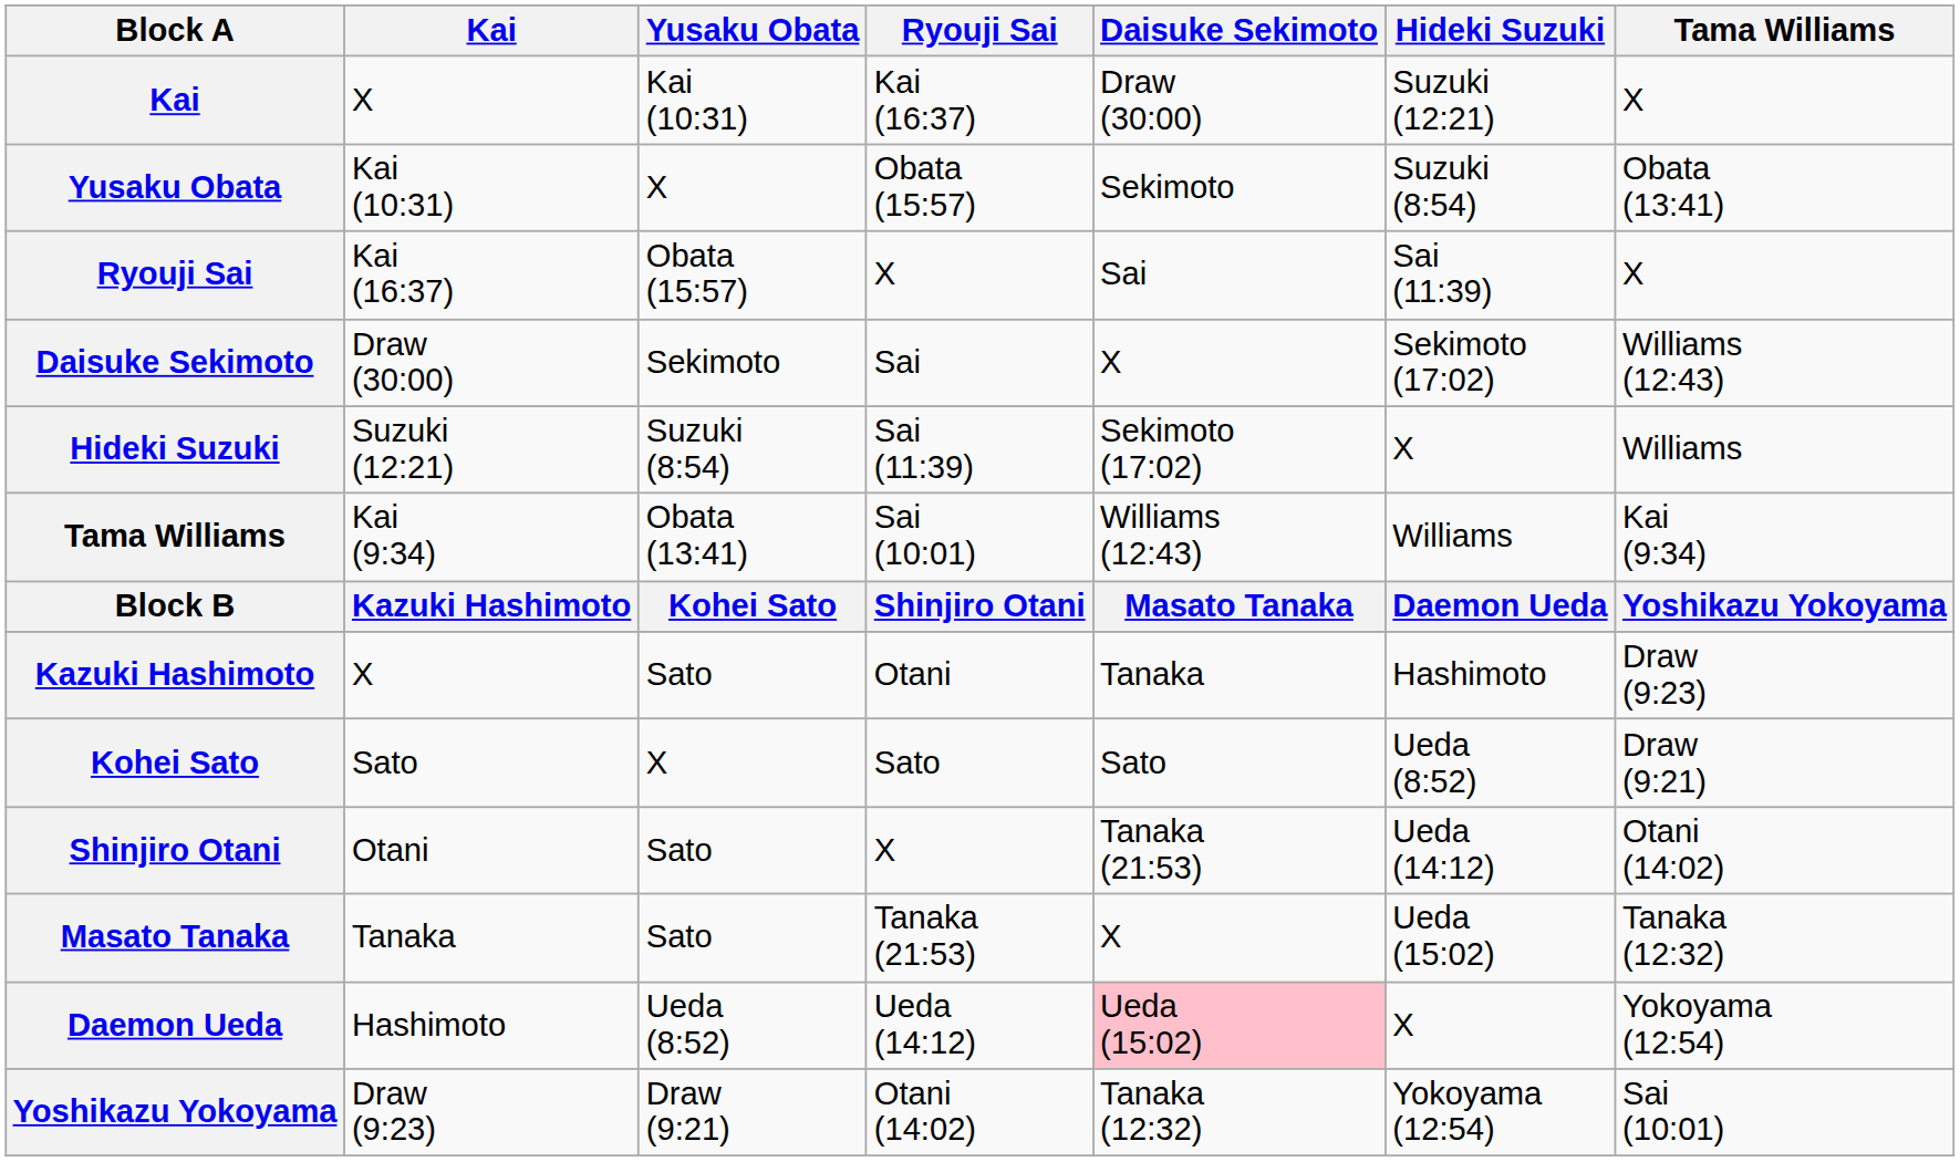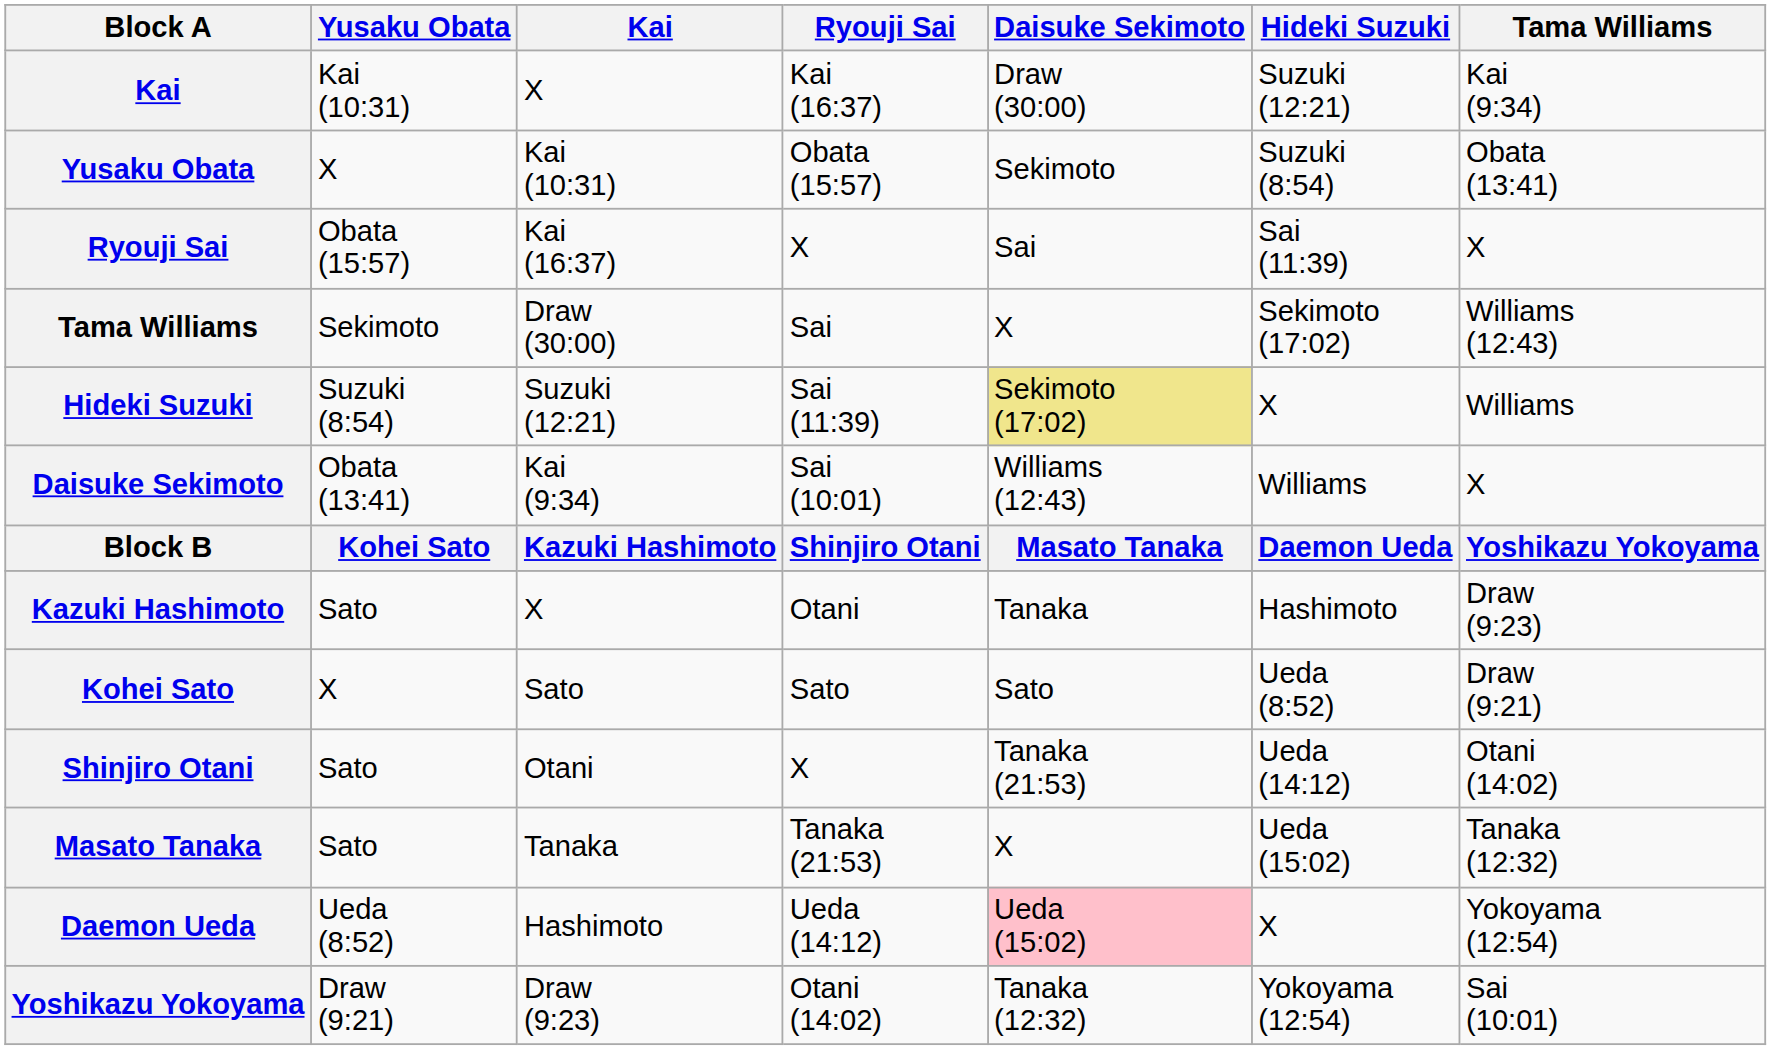 <table class="wikitable" style="margin: 1em auto 1em auto">
 <tr>
 <th>Block A</th>
+<th><a href='#'>Yusaku Obata</a></th>
 <th><a href='#'>Kai</a></th>
-<th><a href='#'>Yusaku Obata</a></th>
 <th><a href='#'>Ryouji Sai</a></th>
 <th><a href='#'>Daisuke Sekimoto</a></th>
 <th><a href='#'>Hideki Suzuki</a></th>
 <th>Tama Williams</th>
 </tr>
 <tr>
 <th><a href='#'>Kai</a></th>
+<td>Kai<br>(10:31)</td>
 <td>X</td>
-<td>Kai<br>(10:31)</td>
 <td>Kai<br>(16:37)</td>
 <td>Draw<br>(30:00)</td>
 <td>Suzuki<br>(12:21)</td>
-<td>X</td>
+<td>Kai<br>(9:34)</td>
 </tr>
 <tr>
 <th><a href='#'>Yusaku Obata</a></th>
+<td>X</td>
 <td>Kai<br>(10:31)</td>
-<td>X</td>
 <td>Obata<br>(15:57)</td>
 <td>Sekimoto</td>
 <td>Suzuki<br>(8:54)</td>
 <td>Obata<br>(13:41)</td>
 </tr>
 <tr>
 <th><a href='#'>Ryouji Sai</a></th>
+<td>Obata<br>(15:57)</td>
 <td>Kai<br>(16:37)</td>
-<td>Obata<br>(15:57)</td>
 <td>X</td>
 <td>Sai</td>
 <td>Sai<br>(11:39)</td>
 <td>X</td>
 </tr>
 <tr>
-<th><a href='#'>Daisuke Sekimoto</a></th>
+<th>Tama Williams</th>
+<td>Sekimoto</td>
 <td>Draw<br>(30:00)</td>
-<td>Sekimoto</td>
 <td>Sai</td>
 <td>X</td>
 <td>Sekimoto<br>(17:02)</td>
 <td>Williams<br>(12:43)</td>
 </tr>
 <tr>
 <th><a href='#'>Hideki Suzuki</a></th>
+<td>Suzuki<br>(8:54)</td>
 <td>Suzuki<br>(12:21)</td>
-<td>Suzuki<br>(8:54)</td>
 <td>Sai<br>(11:39)</td>
-<td>Sekimoto<br>(17:02)</td>
+<td style="background: khaki;">Sekimoto<br>(17:02)</td>
 <td>X</td>
 <td>Williams</td>
 </tr>
 <tr>
-<th>Tama Williams</th>
+<th><a href='#'>Daisuke Sekimoto</a></th>
+<td>Obata<br>(13:41)</td>
 <td>Kai<br>(9:34)</td>
-<td>Obata<br>(13:41)</td>
 <td>Sai<br>(10:01)</td>
 <td>Williams<br>(12:43)</td>
 <td>Williams</td>
-<td>Kai<br>(9:34)</td>
+<td>X</td>
 </tr>
 <tr>
 <th>Block B</th>
+<th><a href='#'>Kohei Sato</a></th>
 <th><a href='#'>Kazuki Hashimoto</a></th>
-<th><a href='#'>Kohei Sato</a></th>
 <th><a href='#'>Shinjiro Otani</a></th>
 <th><a href='#'>Masato Tanaka</a></th>
 <th><a href='#'>Daemon Ueda</a></th>
 <th><a href='#'>Yoshikazu Yokoyama</a></th>
 </tr>
 <tr>
 <th><a href='#'>Kazuki Hashimoto</a></th>
+<td>Sato</td>
 <td>X</td>
-<td>Sato</td>
 <td>Otani</td>
 <td>Tanaka</td>
 <td>Hashimoto</td>
 <td>Draw<br>(9:23)</td>
 </tr>
 <tr>
 <th><a href='#'>Kohei Sato</a></th>
+<td>X</td>
 <td>Sato</td>
-<td>X</td>
 <td>Sato</td>
 <td>Sato</td>
 <td>Ueda<br>(8:52)</td>
 <td>Draw<br>(9:21)</td>
 </tr>
 <tr>
 <th><a href='#'>Shinjiro Otani</a></th>
+<td>Sato</td>
 <td>Otani</td>
-<td>Sato</td>
 <td>X</td>
 <td>Tanaka<br>(21:53)</td>
 <td>Ueda<br>(14:12)</td>
 <td>Otani<br>(14:02)</td>
 </tr>
 <tr>
 <th><a href='#'>Masato Tanaka</a></th>
+<td>Sato</td>
 <td>Tanaka</td>
-<td>Sato</td>
 <td>Tanaka<br>(21:53)</td>
 <td>X</td>
 <td>Ueda<br>(15:02)</td>
 <td>Tanaka<br>(12:32)</td>
 </tr>
 <tr>
 <th><a href='#'>Daemon Ueda</a></th>
+<td>Ueda<br>(8:52)</td>
 <td>Hashimoto</td>
-<td>Ueda<br>(8:52)</td>
 <td>Ueda<br>(14:12)</td>
 <td style="background: pink;">Ueda<br>(15:02)</td>
 <td>X</td>
 <td>Yokoyama<br>(12:54)</td>
 </tr>
 <tr>
 <th><a href='#'>Yoshikazu Yokoyama</a></th>
+<td>Draw<br>(9:21)</td>
 <td>Draw<br>(9:23)</td>
-<td>Draw<br>(9:21)</td>
 <td>Otani<br>(14:02)</td>
 <td>Tanaka<br>(12:32)</td>
 <td>Yokoyama<br>(12:54)</td>
 <td>Sai<br>(10:01)</td>
 </tr>
 </table>
